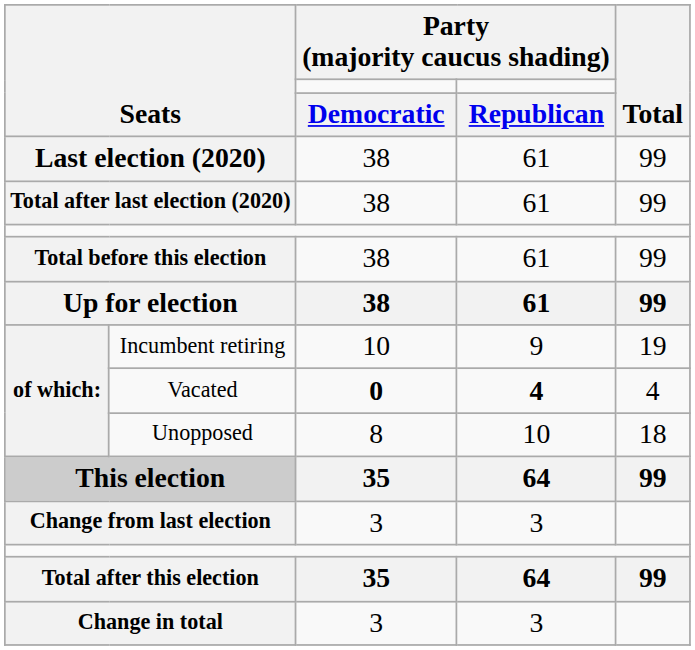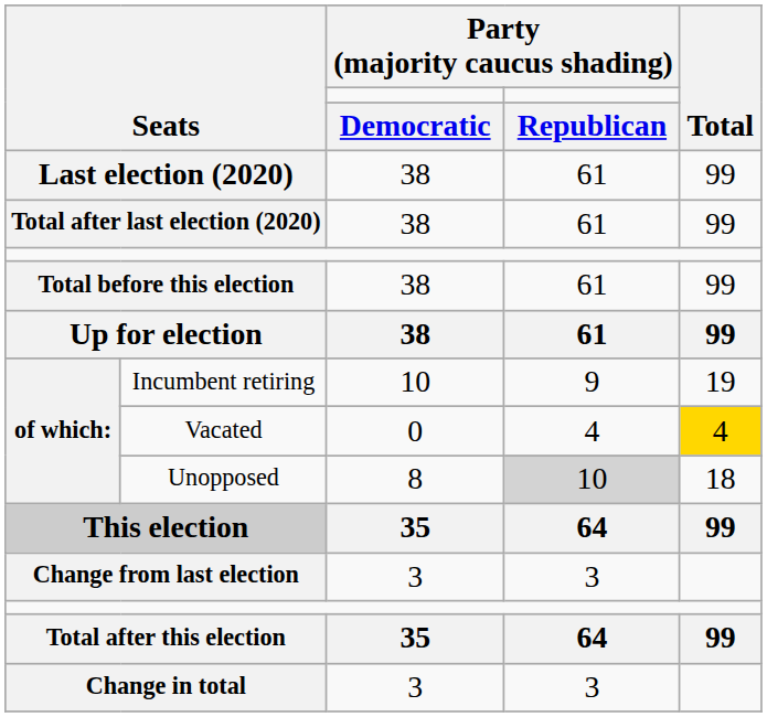 <table class=wikitable style="text-align:center">
 <tr style="vertical-align:bottom;">
 <th rowspan=3 colspan=2>Seats</th>
 <th colspan=2>Party <div>(majority caucus shading)</div></th>
 <th rowspan=3>Total</th>
 </tr>
 <tr style="height:5px">
 <td style="background-color:"></td>
 <td style="background-color:"></td>
 </tr>
 <tr>
 <th><a href='#'>Democratic</a></th>
 <th><a href='#'>Republican</a></th>
 </tr>
 <tr>
 <th nowrap colspan=2>Last election (2020)</th>
 <td>38</td>
 <td>61</td>
 <td>99</td>
 </tr>
 <tr>
 <th nowrap style="font-size:80%" colspan=2>Total after last election (2020)</th>
 <td>38</td>
 <td>61</td>
 <td>99</td>
 </tr>
 <tr>
 <td colspan=5></td>
 </tr>
 <tr>
 <th nowrap style="font-size:80%" colspan=2>Total before this election</th>
 <td>38</td>
 <td>61</td>
 <td>99</td>
 </tr>
 <tr>
 <th colspan=2>Up for election</th>
 <th>38</th>
 <th>61</th>
 <th>99</th>
 </tr>
 <tr>
 <th style="font-size:80%" rowspan=3>of which:</th>
 <td nowrap style="font-size:80%">Incumbent retiring</td>
 <td>10</td>
 <td>9</td>
 <td>19</td>
 </tr>
 <tr>
 <td nowrap style="font-size:80%">Vacated</td>
-<td><strong>0</strong></td>
-<td><strong>4</strong></td>
+<td>0</td>
 <td>4</td>
+<td style="background: gold;">4</td>
 </tr>
 <tr>
 <td nowrap style="font-size:80%">Unopposed</td>
 <td>8</td>
-<td>10</td>
+<td style="background: lightgrey;">10</td>
 <td>18</td>
 </tr>
 <tr>
 <th style="background:#ccc" colspan=2>This election</th>
 <th>35</th>
 <th>64</th>
 <th>99</th>
 </tr>
 <tr>
 <th nowrap style="font-size:80%"  colspan=2>Change from last election</th>
 <td> 3</td>
 <td> 3</td>
 <td></td>
 </tr>
 <tr>
 <td colspan=5></td>
 </tr>
 <tr>
 <th nowrap style="font-size:80%" colspan=2>Total after this election</th>
 <th>35</th>
 <th>64</th>
 <th>99</th>
 </tr>
 <tr>
 <th nowrap style="font-size:80%"  colspan=2>Change in total</th>
 <td> 3</td>
 <td> 3</td>
 <td></td>
 </tr>
 </table>
